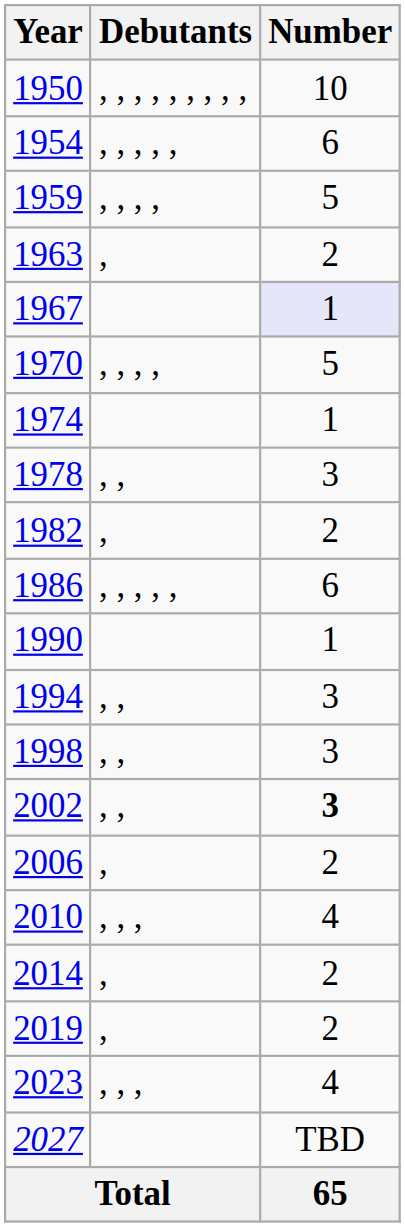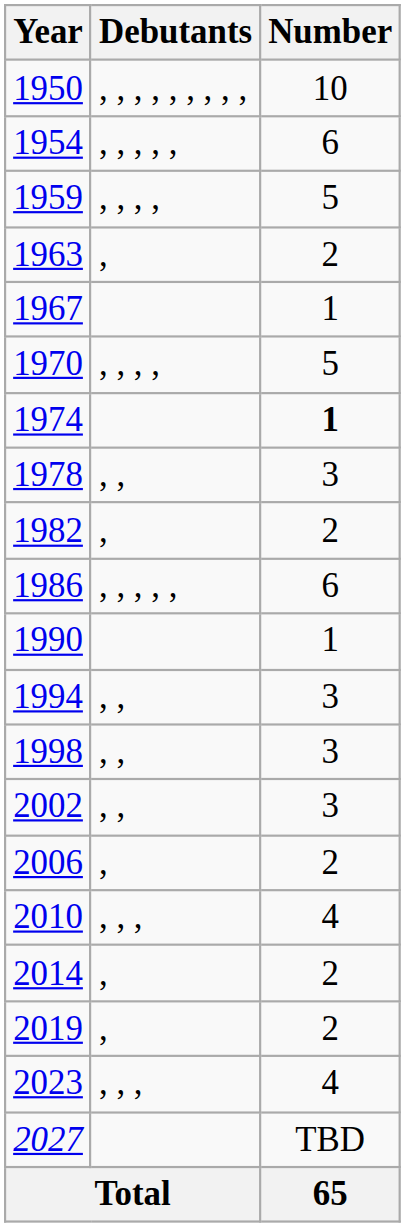 <table class="wikitable" style="text-align:center;">
 <tr>
 <th>Year</th>
 <th>Debutants</th>
 <th>Number</th>
 </tr>
 <tr>
 <td valign=top><a href='#'>1950</a></td>
 <td align=left>, , , , , , , , , </td>
 <td>10</td>
 </tr>
 <tr>
 <td valign=top><a href='#'>1954</a></td>
 <td align=left>, , , , , </td>
 <td>6</td>
 </tr>
 <tr>
 <td valign=top><a href='#'>1959</a></td>
 <td align=left>, , , , </td>
 <td>5</td>
 </tr>
 <tr>
 <td valign=top><a href='#'>1963</a></td>
 <td align=left>, </td>
 <td>2</td>
 </tr>
 <tr>
 <td valign=top><a href='#'>1967</a></td>
 <td align=left></td>
-<td style="background: lavender;">1</td>
+<td>1</td>
 </tr>
 <tr>
 <td valign=top><a href='#'>1970</a></td>
 <td align=left>, , , , </td>
 <td>5</td>
 </tr>
 <tr>
 <td valign=top><a href='#'>1974</a></td>
 <td align=left></td>
-<td>1</td>
+<td><strong>1</strong></td>
 </tr>
 <tr>
 <td valign=top><a href='#'>1978</a></td>
 <td align=left>, , </td>
 <td>3</td>
 </tr>
 <tr>
 <td valign=top><a href='#'>1982</a></td>
 <td align=left>, </td>
 <td>2</td>
 </tr>
 <tr>
 <td valign=top><a href='#'>1986</a></td>
 <td align=left>, , , , , </td>
 <td>6</td>
 </tr>
 <tr>
 <td valign=top><a href='#'>1990</a></td>
 <td align=left></td>
 <td>1</td>
 </tr>
 <tr>
 <td valign=top><a href='#'>1994</a></td>
 <td align=left>, , </td>
 <td>3</td>
 </tr>
 <tr>
 <td valign=top><a href='#'>1998</a></td>
 <td align=left>, , </td>
 <td>3</td>
 </tr>
 <tr>
 <td valign=top><a href='#'>2002</a></td>
 <td align=left>, , </td>
-<td><strong>3</strong></td>
+<td>3</td>
 </tr>
 <tr>
 <td valign=top><a href='#'>2006</a></td>
 <td align=left>, </td>
 <td>2</td>
 </tr>
 <tr>
 <td valign=top><a href='#'>2010</a></td>
 <td align=left>, , , </td>
 <td>4</td>
 </tr>
 <tr>
 <td valign=top><a href='#'>2014</a></td>
 <td align=left>, </td>
 <td>2</td>
 </tr>
 <tr>
 <td valign=top><a href='#'>2019</a></td>
 <td align=left>, </td>
 <td>2</td>
 </tr>
 <tr>
 <td valign=top><a href='#'>2023</a></td>
 <td align=left>, , , </td>
 <td>4</td>
 </tr>
 <tr>
 <td valign=top><a href='#'><em>2027</em></a></td>
 <td></td>
 <td>TBD</td>
 </tr>
 <tr>
 <th colspan=2>Total</th>
 <th>65</th>
 </tr>
 </table>
